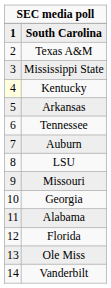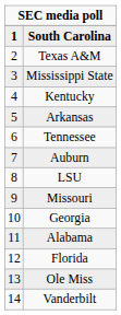 <table class="wikitable" style="display: inline-table;">
 <tr>
 <td align="center" Colspan="3"><strong>SEC media poll</strong></td>
 </tr>
 <tr align="center">
 </tr>
 <tr align="center" style="background:#eeeeee;">
 <td><strong>1</strong></td>
 <td><strong>South Carolina</strong></td>
 </tr>
 <tr align="center">
 <td>2</td>
 <td>Texas A&M</td>
 </tr>
 <tr align="center" style="background:#eeeeee;">
 <td>3</td>
 <td>Mississippi State</td>
 </tr>
 <tr align="center">
-<td style="background: lightyellow;">4</td>
+<td>4</td>
 <td>Kentucky</td>
 </tr>
 <tr align="center" style="background:#eeeeee;">
 <td>5</td>
 <td>Arkansas</td>
 </tr>
 <tr align="center">
 <td>6</td>
 <td>Tennessee</td>
 </tr>
 <tr align="center" style="background:#eeeeee;">
 <td>7</td>
 <td>Auburn</td>
 </tr>
 <tr align="center">
 <td>8</td>
 <td>LSU</td>
 </tr>
 <tr align="center" style="background:#eeeeee;">
 <td>9</td>
 <td>Missouri</td>
 </tr>
 <tr align="center">
 <td>10</td>
 <td>Georgia</td>
 </tr>
 <tr align="center" style="background:#eeeeee;">
 <td>11</td>
 <td>Alabama</td>
 </tr>
 <tr align="center">
 <td>12</td>
 <td>Florida</td>
 </tr>
 <tr align="center" style="background:#eeeeee;">
 <td>13</td>
 <td>Ole Miss</td>
 </tr>
 <tr align="center">
 <td>14</td>
 <td>Vanderbilt</td>
 </tr>
 </table>
